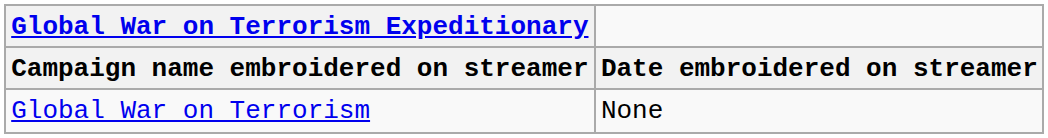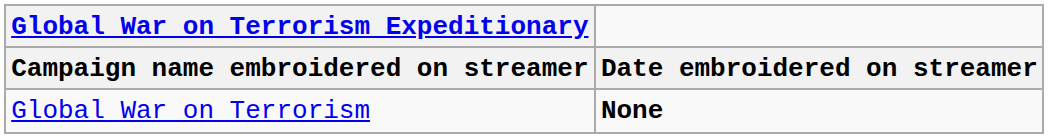 <table class="wikitable">
 <tr>
 <th><a href='#'>Global War on Terrorism Expeditionary</a></th>
 <td colspan="2"></td>
 </tr>
 <tr>
 <th>Campaign name embroidered on streamer</th>
 <th>Date embroidered on streamer</th>
 </tr>
 <tr>
 <td><a href='#'>Global War on Terrorism</a></td>
-<td>None</td>
+<td><strong>None</strong></td>
 </tr>
 <tr>
 </tr>
 </table>
